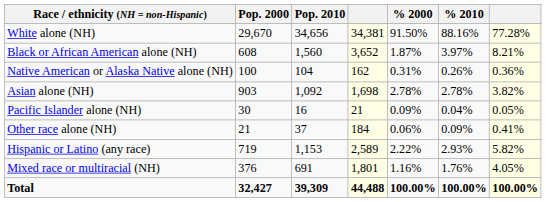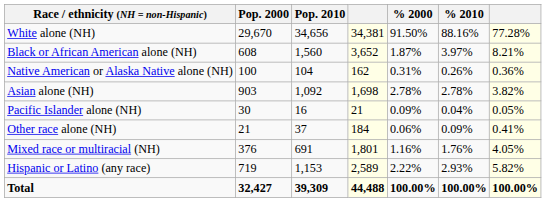 <table class="wikitable">
 <tr>
 <th>Race / ethnicity <small>(<em>NH = non-Hispanic</em>)</small></th>
 <th>Pop. 2000</th>
 <th>Pop. 2010</th>
 <th></th>
 <th>% 2000</th>
 <th>% 2010</th>
 <th></th>
 </tr>
 <tr>
 <td><a href='#'>White</a> alone (NH)</td>
 <td>29,670</td>
 <td>34,656</td>
 <td style='background: #ffffe6;'>34,381</td>
 <td>91.50%</td>
 <td>88.16%</td>
 <td style='background: #ffffe6;'>77.28%</td>
 </tr>
 <tr>
 <td><a href='#'>Black or African American</a> alone (NH)</td>
 <td>608</td>
 <td>1,560</td>
 <td style='background: #ffffe6;'>3,652</td>
 <td>1.87%</td>
 <td>3.97%</td>
 <td style='background: #ffffe6;'>8.21%</td>
 </tr>
 <tr>
 <td><a href='#'>Native American</a> or <a href='#'>Alaska Native</a> alone (NH)</td>
 <td>100</td>
 <td>104</td>
 <td style='background: #ffffe6;'>162</td>
 <td>0.31%</td>
 <td>0.26%</td>
 <td style='background: #ffffe6;'>0.36%</td>
 </tr>
 <tr>
 <td><a href='#'>Asian</a> alone (NH)</td>
 <td>903</td>
 <td>1,092</td>
 <td style='background: #ffffe6;'>1,698</td>
 <td>2.78%</td>
 <td>2.78%</td>
 <td style='background: #ffffe6;'>3.82%</td>
 </tr>
 <tr>
 <td><a href='#'>Pacific Islander</a> alone (NH)</td>
 <td>30</td>
 <td>16</td>
 <td style='background: #ffffe6;'>21</td>
 <td>0.09%</td>
 <td>0.04%</td>
 <td style='background: #ffffe6;'>0.05%</td>
 </tr>
 <tr>
 <td><a href='#'>Other race</a> alone (NH)</td>
 <td>21</td>
 <td>37</td>
 <td style='background: #ffffe6;'>184</td>
 <td>0.06%</td>
 <td>0.09%</td>
 <td style='background: #ffffe6;'>0.41%</td>
 </tr>
 <tr>
+<td><a href='#'>Mixed race or multiracial</a> (NH)</td>
+<td>376</td>
+<td>691</td>
+<td style='background: #ffffe6;'>1,801</td>
+<td>1.16%</td>
+<td>1.76%</td>
+<td style='background: #ffffe6;'>4.05%</td>
+</tr>
+<tr>
 <td><a href='#'>Hispanic or Latino</a> (any race)</td>
 <td>719</td>
 <td>1,153</td>
 <td style='background: #ffffe6;'>2,589</td>
 <td>2.22%</td>
 <td>2.93%</td>
 <td style='background: #ffffe6;'>5.82%</td>
-</tr>
-<tr>
-<td><a href='#'>Mixed race or multiracial</a> (NH)</td>
-<td>376</td>
-<td>691</td>
-<td style='background: #ffffe6;'>1,801</td>
-<td>1.16%</td>
-<td>1.76%</td>
-<td style='background: #ffffe6;'>4.05%</td>
 </tr>
 <tr>
 <td><strong>Total</strong></td>
 <td><strong>32,427</strong></td>
 <td><strong>39,309</strong></td>
 <td style='background: #ffffe6;'><strong>44,488</strong></td>
 <td><strong>100.00%</strong></td>
 <td><strong>100.00%</strong></td>
 <td style='background: #ffffe6;'><strong>100.00%</strong></td>
 </tr>
 </table>
